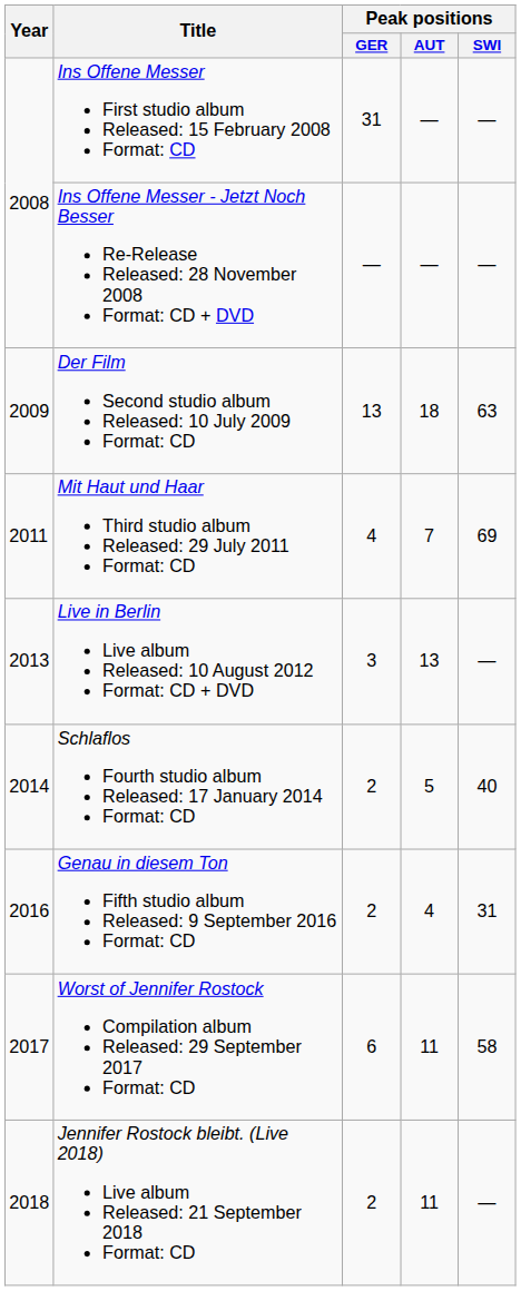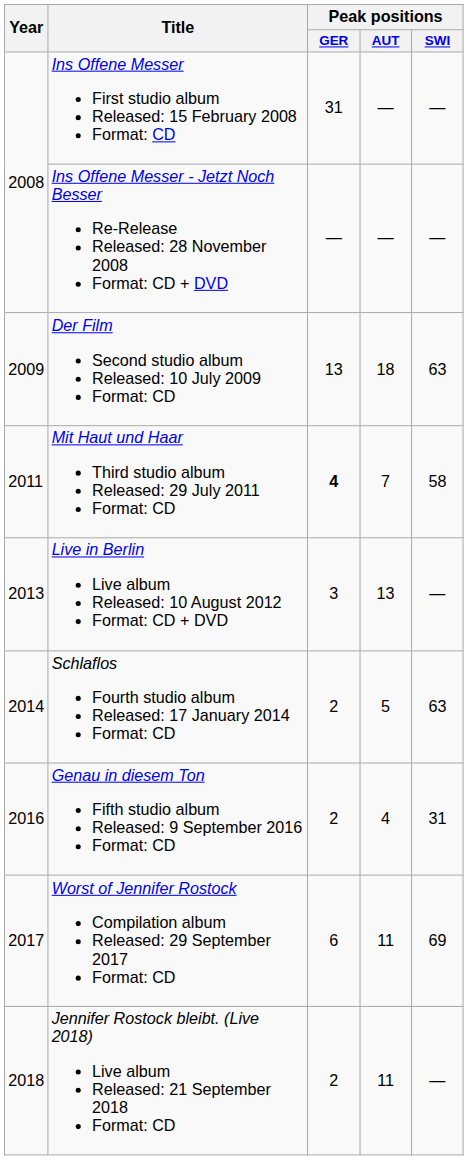 <table class="wikitable">
 <tr>
 <th width="35" align="center" rowspan="2">Year</th>
 <th width="250" align="center" rowspan="2">Title</th>
 <th align="center" colspan="3">Peak positions</th>
 </tr>
 <tr style="font-size:smaller;">
 <th width="45"><a href='#'>GER</a> <br></th>
 <th width="45"><a href='#'>AUT</a> <br></th>
 <th width="45"><a href='#'>SWI</a> <br></th>
 </tr>
 <tr>
 <td rowspan="2">2008</td>
 <td><em><a href='#'>Ins Offene Messer</a></em><br><ul><li>First studio album</li><li>Released: 15 February 2008</li><li>Format: <a href='#'>CD</a></li></ul></td>
 <td align="center">31</td>
 <td align="center">—</td>
 <td align="center">—</td>
 </tr>
 <tr>
 <td><em><a href='#'>Ins Offene Messer - Jetzt Noch Besser</a></em><br><ul><li>Re-Release</li><li>Released: 28 November 2008</li><li>Format: CD + <a href='#'>DVD</a></li></ul></td>
 <td align="center">—</td>
 <td align="center">—</td>
 <td align="center">—</td>
 </tr>
 <tr>
 <td>2009</td>
 <td><em><a href='#'>Der Film</a></em><br><ul><li>Second studio album</li><li>Released: 10 July 2009</li><li>Format: CD</li></ul></td>
 <td align="center">13</td>
 <td align="center">18</td>
 <td align="center">63</td>
 </tr>
 <tr>
 <td>2011</td>
 <td><em><a href='#'>Mit Haut und Haar</a></em><br><ul><li>Third studio album</li><li>Released: 29 July 2011</li><li>Format: CD</li></ul></td>
-<td align="center">4</td>
+<td align="center"><strong>4</strong></td>
 <td align="center">7</td>
-<td align="center">69</td>
+<td align="center">58</td>
 </tr>
 <tr>
 <td>2013</td>
 <td><em><a href='#'>Live in Berlin</a></em><br><ul><li>Live album</li><li>Released: 10 August 2012</li><li>Format: CD + DVD</li></ul></td>
 <td align="center">3</td>
 <td align="center">13</td>
 <td align="center">—</td>
 </tr>
 <tr>
 <td>2014</td>
 <td><em>Schlaflos</em><br><ul><li>Fourth studio album</li><li>Released: 17 January 2014</li><li>Format: CD</li></ul></td>
 <td align="center">2</td>
 <td align="center">5</td>
-<td align="center">40</td>
+<td align="center">63</td>
 </tr>
 <tr>
 <td>2016</td>
 <td><em><a href='#'>Genau in diesem Ton</a></em><br><ul><li>Fifth studio album</li><li>Released: 9 September 2016</li><li>Format: CD</li></ul></td>
 <td align="center">2</td>
 <td align="center">4</td>
 <td align="center">31</td>
 </tr>
 <tr>
 <td>2017</td>
 <td><em><a href='#'>Worst of Jennifer Rostock</a></em><br><ul><li>Compilation album</li><li>Released: 29 September 2017</li><li>Format: CD</li></ul></td>
 <td align="center">6</td>
 <td align="center">11</td>
-<td align="center">58</td>
+<td align="center">69</td>
 </tr>
 <tr>
 <td>2018</td>
 <td><em>Jennifer Rostock bleibt. (Live 2018)</em><br><ul><li>Live album</li><li>Released: 21 September 2018</li><li>Format: CD</li></ul></td>
 <td align="center">2</td>
 <td align="center">11</td>
 <td align="center">—</td>
 </tr>
 </table>
